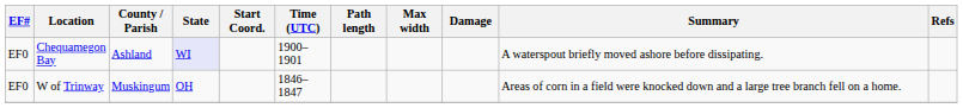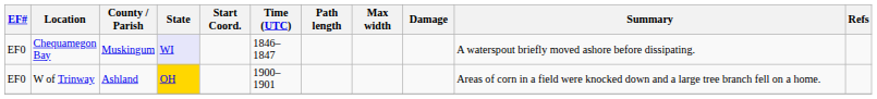 <table class="wikitable sortable" style="width:100%;">
 <tr>
 <th scope="col" width="3%" align="center"><a href='#'>EF#</a></th>
 <th scope="col" width="7%" align="center" class="unsortable">Location</th>
 <th scope="col" width="6%" align="center" class="unsortable">County / Parish</th>
 <th scope="col" width="5%" align="center">State</th>
 <th scope="col" width="6%" align="center">Start Coord.</th>
 <th scope="col" width="6%" align="center">Time (<a href='#'>UTC</a>)</th>
 <th scope="col" width="6%" align="center">Path length</th>
 <th scope="col" width="6%" align="center">Max width</th>
 <th scope="col" width="6%" align="center">Damage</th>
 <th scope="col" width="48%" class="unsortable" align="center">Summary</th>
 <th scope="col" width="48%" class="unsortable" align="center">Refs</th>
 </tr>
 <tr>
 <td>EF0</td>
 <td><a href='#'>Chequamegon Bay</a></td>
-<td><a href='#'>Ashland</a></td>
+<td><a href='#'>Muskingum</a></td>
 <td style="background: lavender;"><a href='#'>WI</a></td>
 <td></td>
-<td>1900–1901</td>
+<td>1846–1847</td>
 <td></td>
 <td></td>
 <td></td>
 <td>A waterspout briefly moved ashore before dissipating.</td>
 <td></td>
 </tr>
 <tr>
 <td>EF0</td>
 <td>W of <a href='#'>Trinway</a></td>
-<td><a href='#'>Muskingum</a></td>
-<td><a href='#'>OH</a></td>
+<td><a href='#'>Ashland</a></td>
+<td style="background: gold;"><a href='#'>OH</a></td>
 <td></td>
-<td>1846–1847</td>
+<td>1900–1901</td>
 <td></td>
 <td></td>
 <td></td>
 <td>Areas of corn in a field were knocked down and a large tree branch fell on a home.</td>
 <td></td>
 </tr>
 <tr>
 </tr>
 </table>
